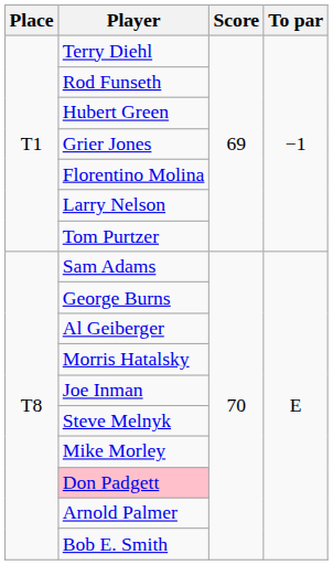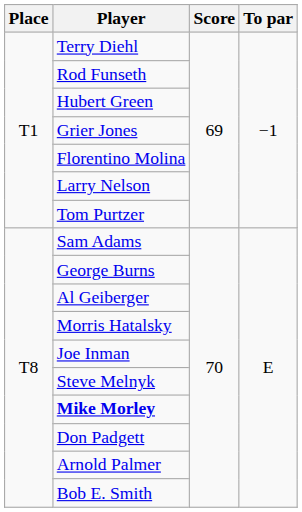 <table class="wikitable">
 <tr>
 <th>Place</th>
 <th>Player</th>
 <th>Score</th>
 <th>To par</th>
 </tr>
 <tr>
 <td rowspan="7" align=center>T1</td>
 <td> <a href='#'>Terry Diehl</a></td>
 <td rowspan="7" align=center>69</td>
 <td rowspan="7" align=center>−1</td>
 </tr>
 <tr>
 <td> <a href='#'>Rod Funseth</a></td>
 </tr>
 <tr>
 <td> <a href='#'>Hubert Green</a></td>
 </tr>
 <tr>
 <td> <a href='#'>Grier Jones</a></td>
 </tr>
 <tr>
 <td> <a href='#'>Florentino Molina</a></td>
 </tr>
 <tr>
 <td> <a href='#'>Larry Nelson</a></td>
 </tr>
 <tr>
 <td> <a href='#'>Tom Purtzer</a></td>
 </tr>
 <tr>
 <td rowspan="10" align=center>T8</td>
 <td> <a href='#'>Sam Adams</a></td>
 <td rowspan="10" align=center>70</td>
 <td rowspan="10" align=center>E</td>
 </tr>
 <tr>
 <td> <a href='#'>George Burns</a></td>
 </tr>
 <tr>
 <td> <a href='#'>Al Geiberger</a></td>
 </tr>
 <tr>
 <td> <a href='#'>Morris Hatalsky</a></td>
 </tr>
 <tr>
 <td> <a href='#'>Joe Inman</a></td>
 </tr>
 <tr>
 <td> <a href='#'>Steve Melnyk</a></td>
 </tr>
 <tr>
-<td> <a href='#'>Mike Morley</a></td>
+<td><strong> <a href='#'>Mike Morley</a></strong></td>
 </tr>
 <tr>
-<td style="background: pink;"> <a href='#'>Don Padgett</a></td>
+<td> <a href='#'>Don Padgett</a></td>
 </tr>
 <tr>
 <td> <a href='#'>Arnold Palmer</a></td>
 </tr>
 <tr>
 <td> <a href='#'>Bob E. Smith</a></td>
 </tr>
 </table>
